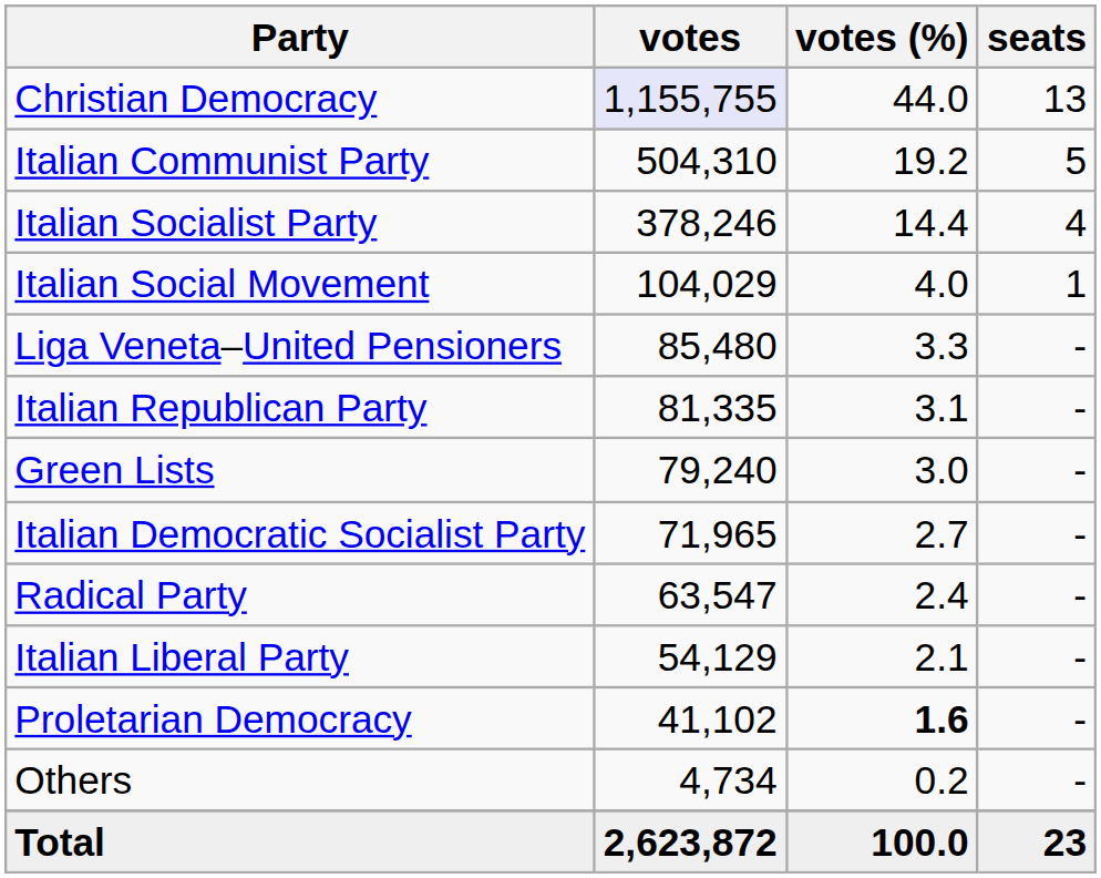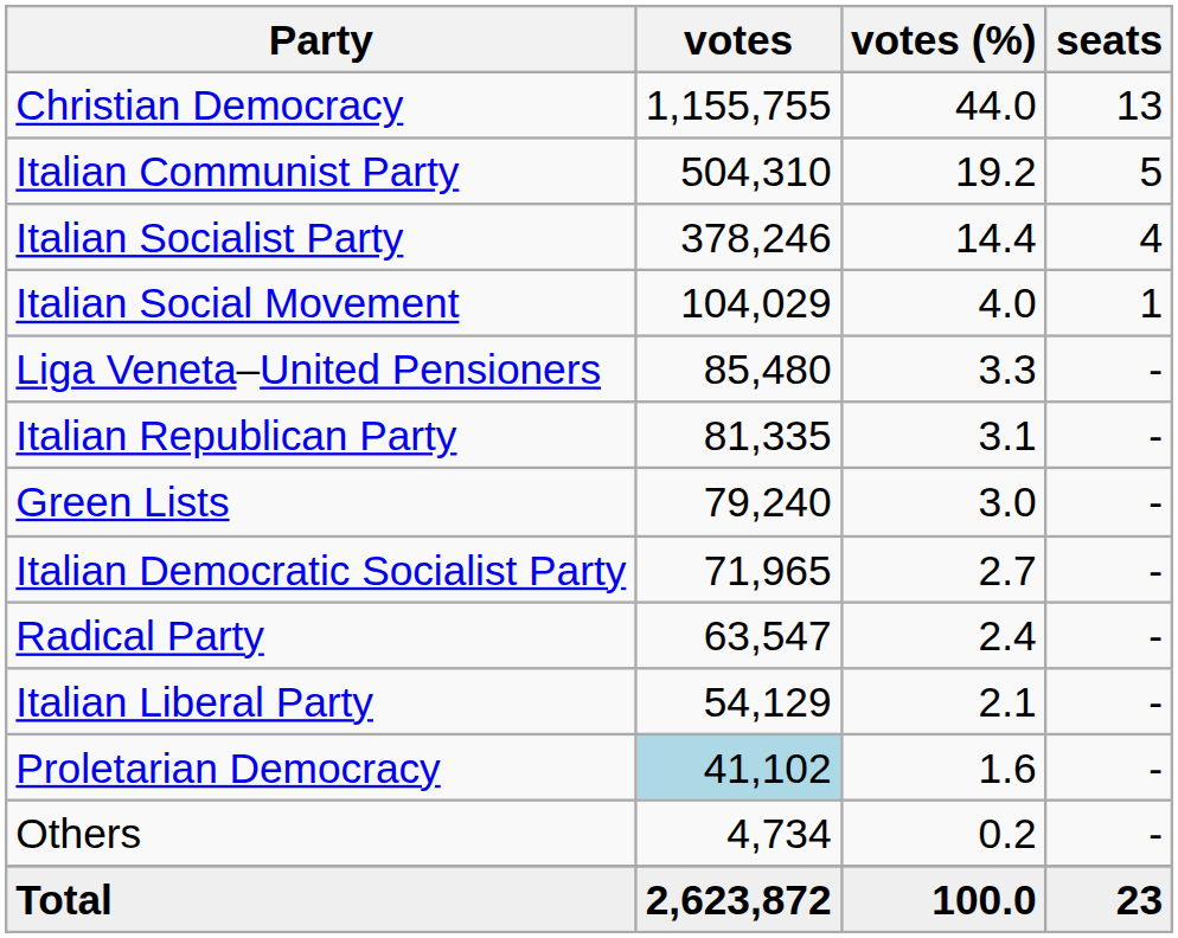 <table class="wikitable" style="font-size:95%">
 <tr bgcolor="EFEFEF">
 <th>Party</th>
 <th>votes</th>
 <th>votes (%)</th>
 <th>seats</th>
 </tr>
 <tr>
 <td><a href='#'>Christian Democracy</a></td>
-<td align=right style="background: lavender;">1,155,755</td>
+<td align=right>1,155,755</td>
 <td align=right>44.0</td>
 <td align=right>13</td>
 </tr>
 <tr>
 <td><a href='#'>Italian Communist Party</a></td>
 <td align=right>504,310</td>
 <td align=right>19.2</td>
 <td align=right>5</td>
 </tr>
 <tr>
 <td><a href='#'>Italian Socialist Party</a></td>
 <td align=right>378,246</td>
 <td align=right>14.4</td>
 <td align=right>4</td>
 </tr>
 <tr>
 <td><a href='#'>Italian Social Movement</a></td>
 <td align=right>104,029</td>
 <td align=right>4.0</td>
 <td align=right>1</td>
 </tr>
 <tr>
 <td><a href='#'>Liga Veneta</a>–<a href='#'>United Pensioners</a></td>
 <td align=right>85,480</td>
 <td align=right>3.3</td>
 <td align=right>-</td>
 </tr>
 <tr>
 <td><a href='#'>Italian Republican Party</a></td>
 <td align=right>81,335</td>
 <td align=right>3.1</td>
 <td align=right>-</td>
 </tr>
 <tr>
 <td><a href='#'>Green Lists</a></td>
 <td align=right>79,240</td>
 <td align=right>3.0</td>
 <td align=right>-</td>
 </tr>
 <tr>
 <td><a href='#'>Italian Democratic Socialist Party</a></td>
 <td align=right>71,965</td>
 <td align=right>2.7</td>
 <td align=right>-</td>
 </tr>
 <tr>
 <td><a href='#'>Radical Party</a></td>
 <td align=right>63,547</td>
 <td align=right>2.4</td>
 <td align=right>-</td>
 </tr>
 <tr>
 <td><a href='#'>Italian Liberal Party</a></td>
 <td align=right>54,129</td>
 <td align=right>2.1</td>
 <td align=right>-</td>
 </tr>
 <tr>
 <td><a href='#'>Proletarian Democracy</a></td>
-<td align=right>41,102</td>
-<td align=right><strong>1.6</strong></td>
+<td align=right style="background: lightblue;">41,102</td>
+<td align=right>1.6</td>
 <td align=right>-</td>
 </tr>
 <tr>
 <td>Others</td>
 <td align=right>4,734</td>
 <td align=right>0.2</td>
 <td align=right>-</td>
 </tr>
 <tr>
 </tr>
 <tr bgcolor="EFEFEF">
 <td><strong>Total</strong></td>
 <td align=right><strong>2,623,872</strong></td>
 <td align=right><strong>100.0</strong></td>
 <td align=right><strong>23</strong></td>
 </tr>
 </table>
